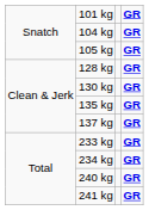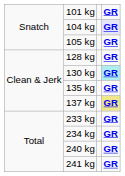 <table class = "wikitable" style="text-align:center;">
 <tr>
 <td rowspan=3>Snatch</td>
 <td>101 kg</td>
 <td align=left></td>
 <td><strong><a href='#'>GR</a></strong></td>
 </tr>
 <tr>
 <td>104 kg</td>
 <td align=left></td>
-<td><strong><a href='#'>GR</a></strong></td>
+<td style="background: lavender;"><strong><a href='#'>GR</a></strong></td>
 </tr>
 <tr>
 <td>105 kg</td>
 <td align=left></td>
 <td><strong><a href='#'>GR</a></strong></td>
 </tr>
 <tr>
 <td rowspan=4>Clean & Jerk</td>
 <td>128 kg</td>
 <td align=left></td>
 <td><strong><a href='#'>GR</a></strong></td>
 </tr>
 <tr>
 <td>130 kg</td>
 <td align=left></td>
-<td><strong><a href='#'>GR</a></strong></td>
+<td style="background: paleturquoise;"><strong><a href='#'>GR</a></strong></td>
 </tr>
 <tr>
 <td>135 kg</td>
 <td align=left></td>
 <td><strong><a href='#'>GR</a></strong></td>
 </tr>
 <tr>
 <td>137 kg</td>
 <td align=left></td>
-<td><strong><a href='#'>GR</a></strong></td>
+<td style="background: khaki;"><strong><a href='#'>GR</a></strong></td>
 </tr>
 <tr>
 <td rowspan=4>Total</td>
 <td>233 kg</td>
 <td align=left></td>
 <td><strong><a href='#'>GR</a></strong></td>
 </tr>
 <tr>
 <td>234 kg</td>
 <td align=left></td>
 <td><strong><a href='#'>GR</a></strong></td>
 </tr>
 <tr>
 <td>240 kg</td>
 <td align=left></td>
 <td><strong><a href='#'>GR</a></strong></td>
 </tr>
 <tr>
 <td>241 kg</td>
 <td align=left></td>
 <td><strong><a href='#'>GR</a></strong></td>
 </tr>
 </table>
